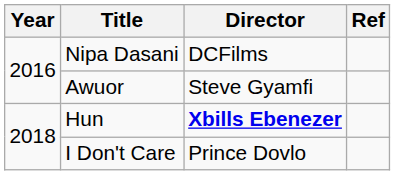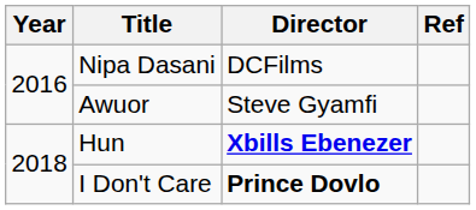 <table class="wikitable sortable">
 <tr>
 <th>Year</th>
 <th>Title</th>
 <th>Director</th>
 <th>Ref</th>
 </tr>
 <tr>
 <td rowspan="2">2016</td>
 <td>Nipa Dasani</td>
 <td>DCFilms</td>
 <td></td>
 </tr>
 <tr>
 <td>Awuor</td>
 <td>Steve Gyamfi</td>
 <td></td>
 </tr>
 <tr>
 <td rowspan="2">2018</td>
 <td>Hun</td>
 <td><strong><a href='#'>Xbills Ebenezer</a></strong></td>
 <td></td>
 </tr>
 <tr>
 <td>I Don't Care</td>
-<td>Prince Dovlo</td>
+<td><strong>Prince Dovlo</strong></td>
 <td></td>
 </tr>
 </table>
